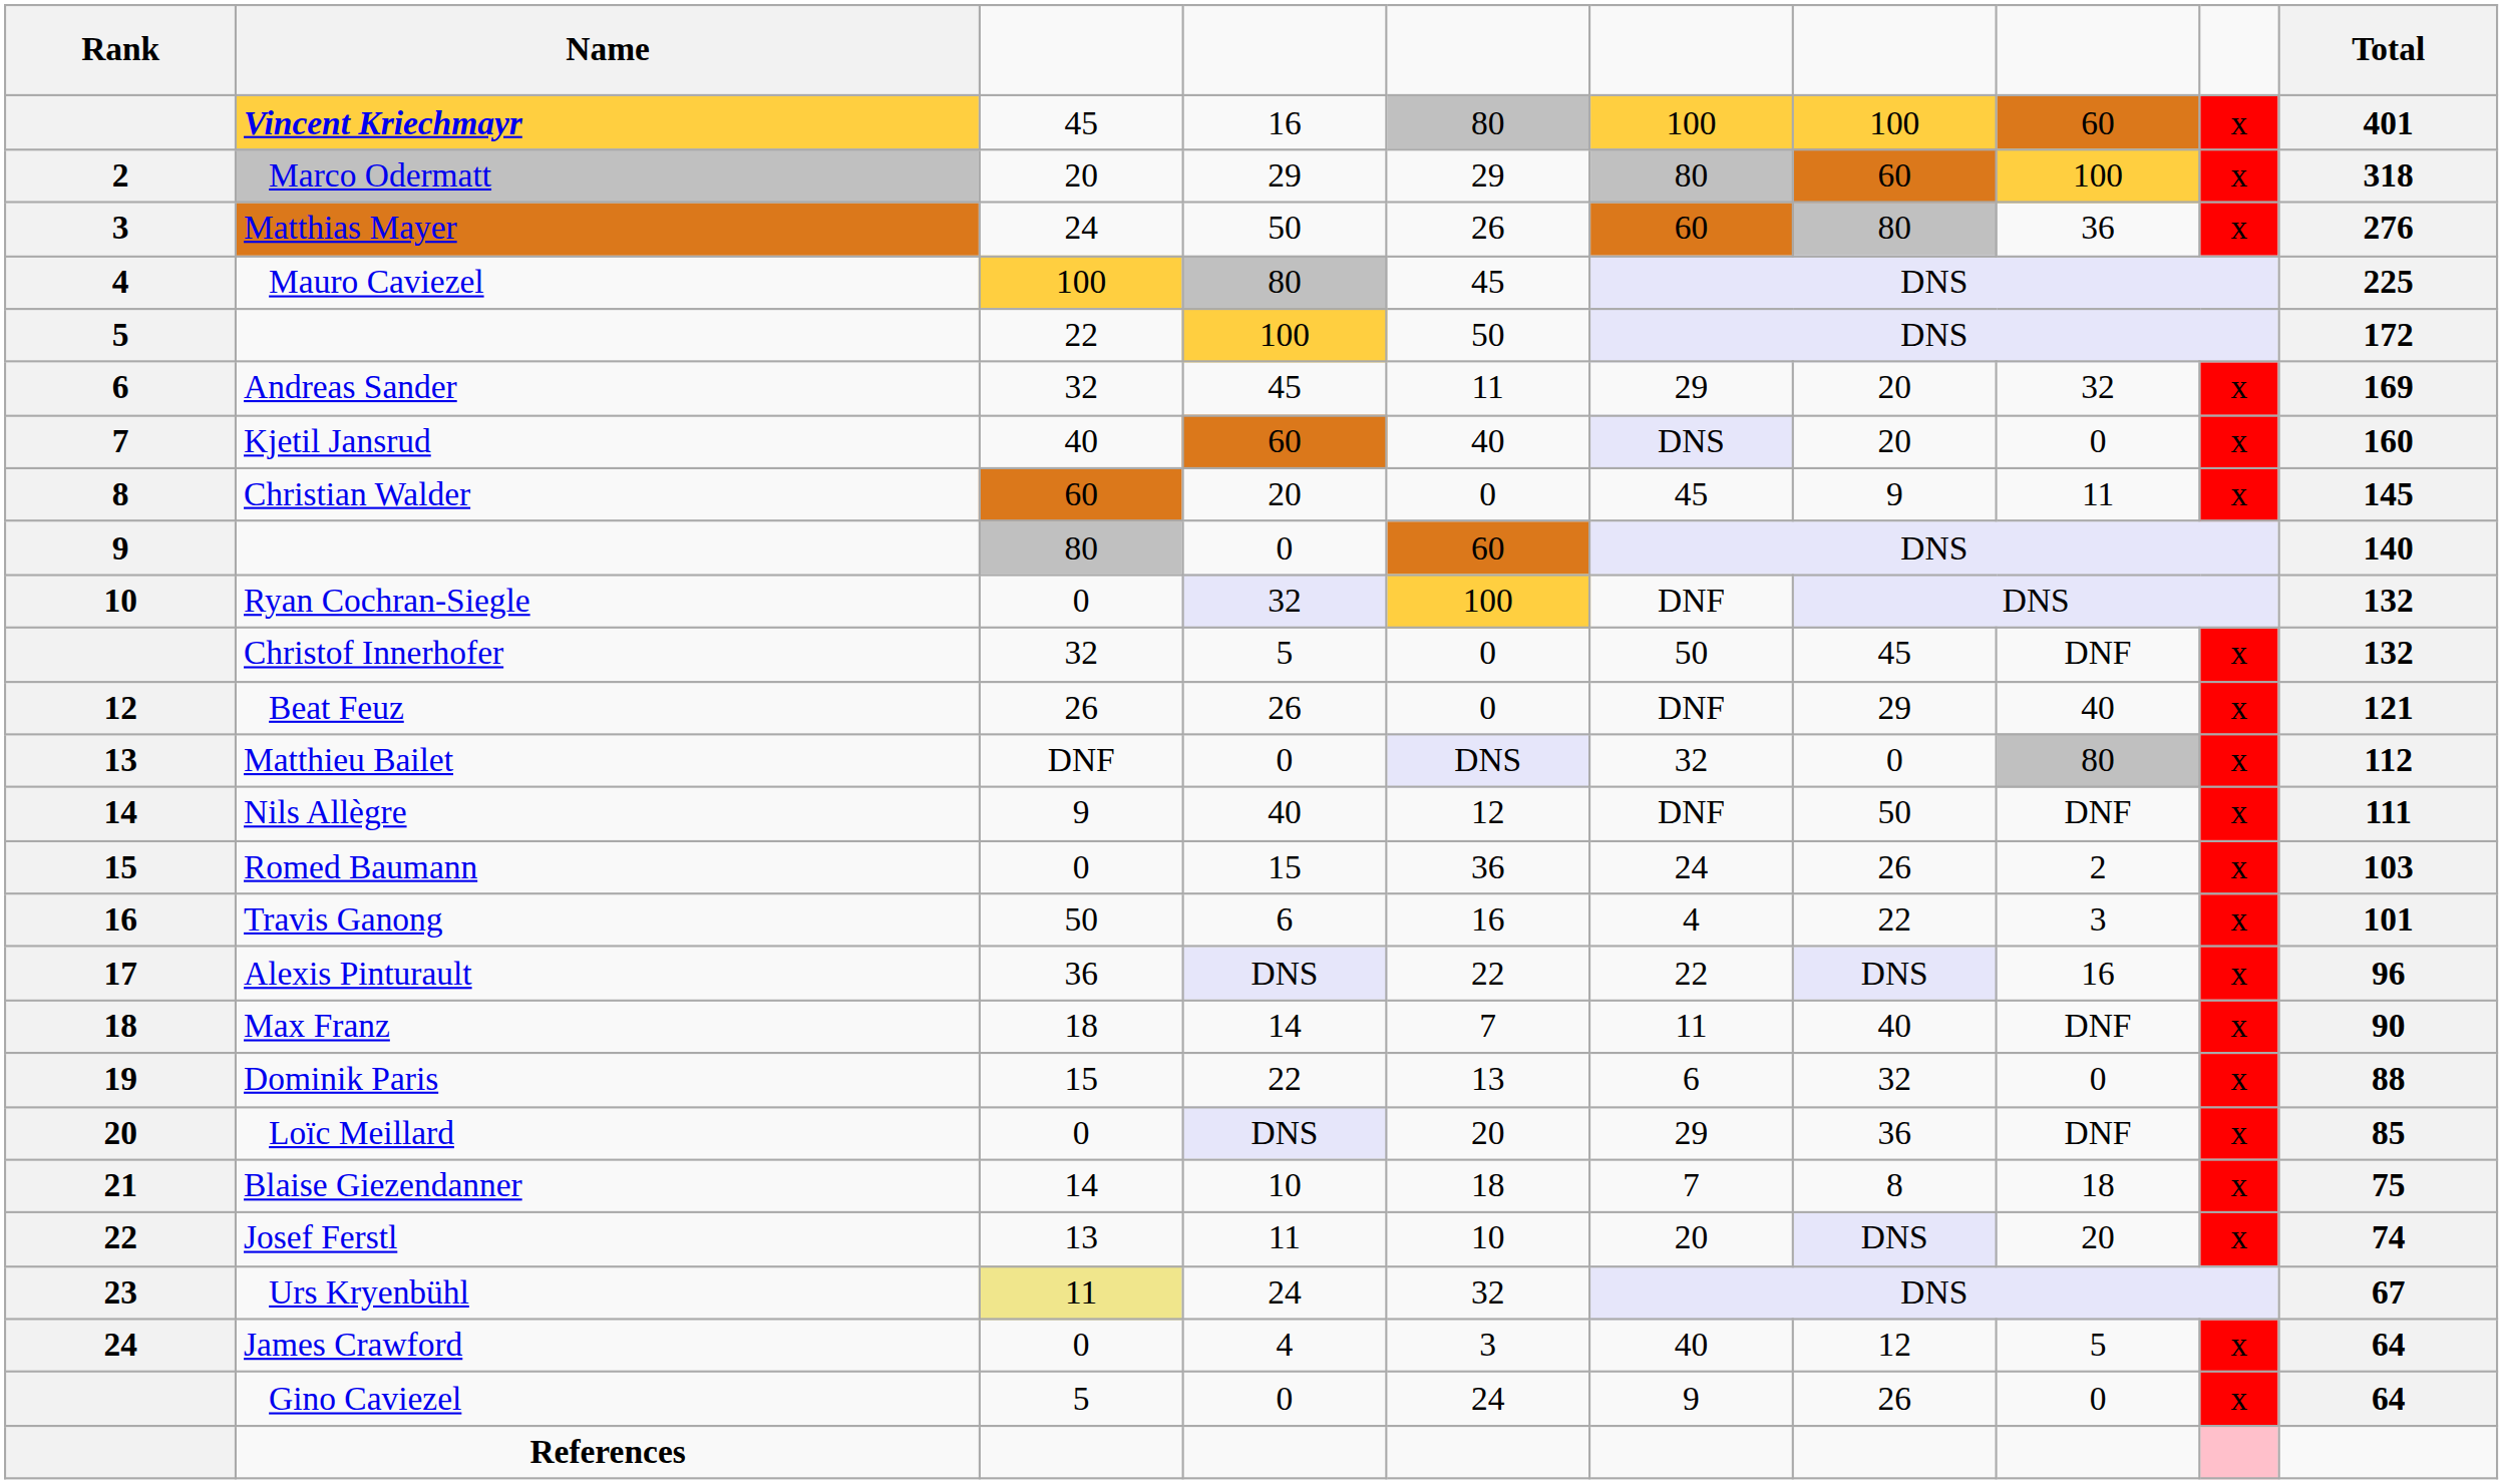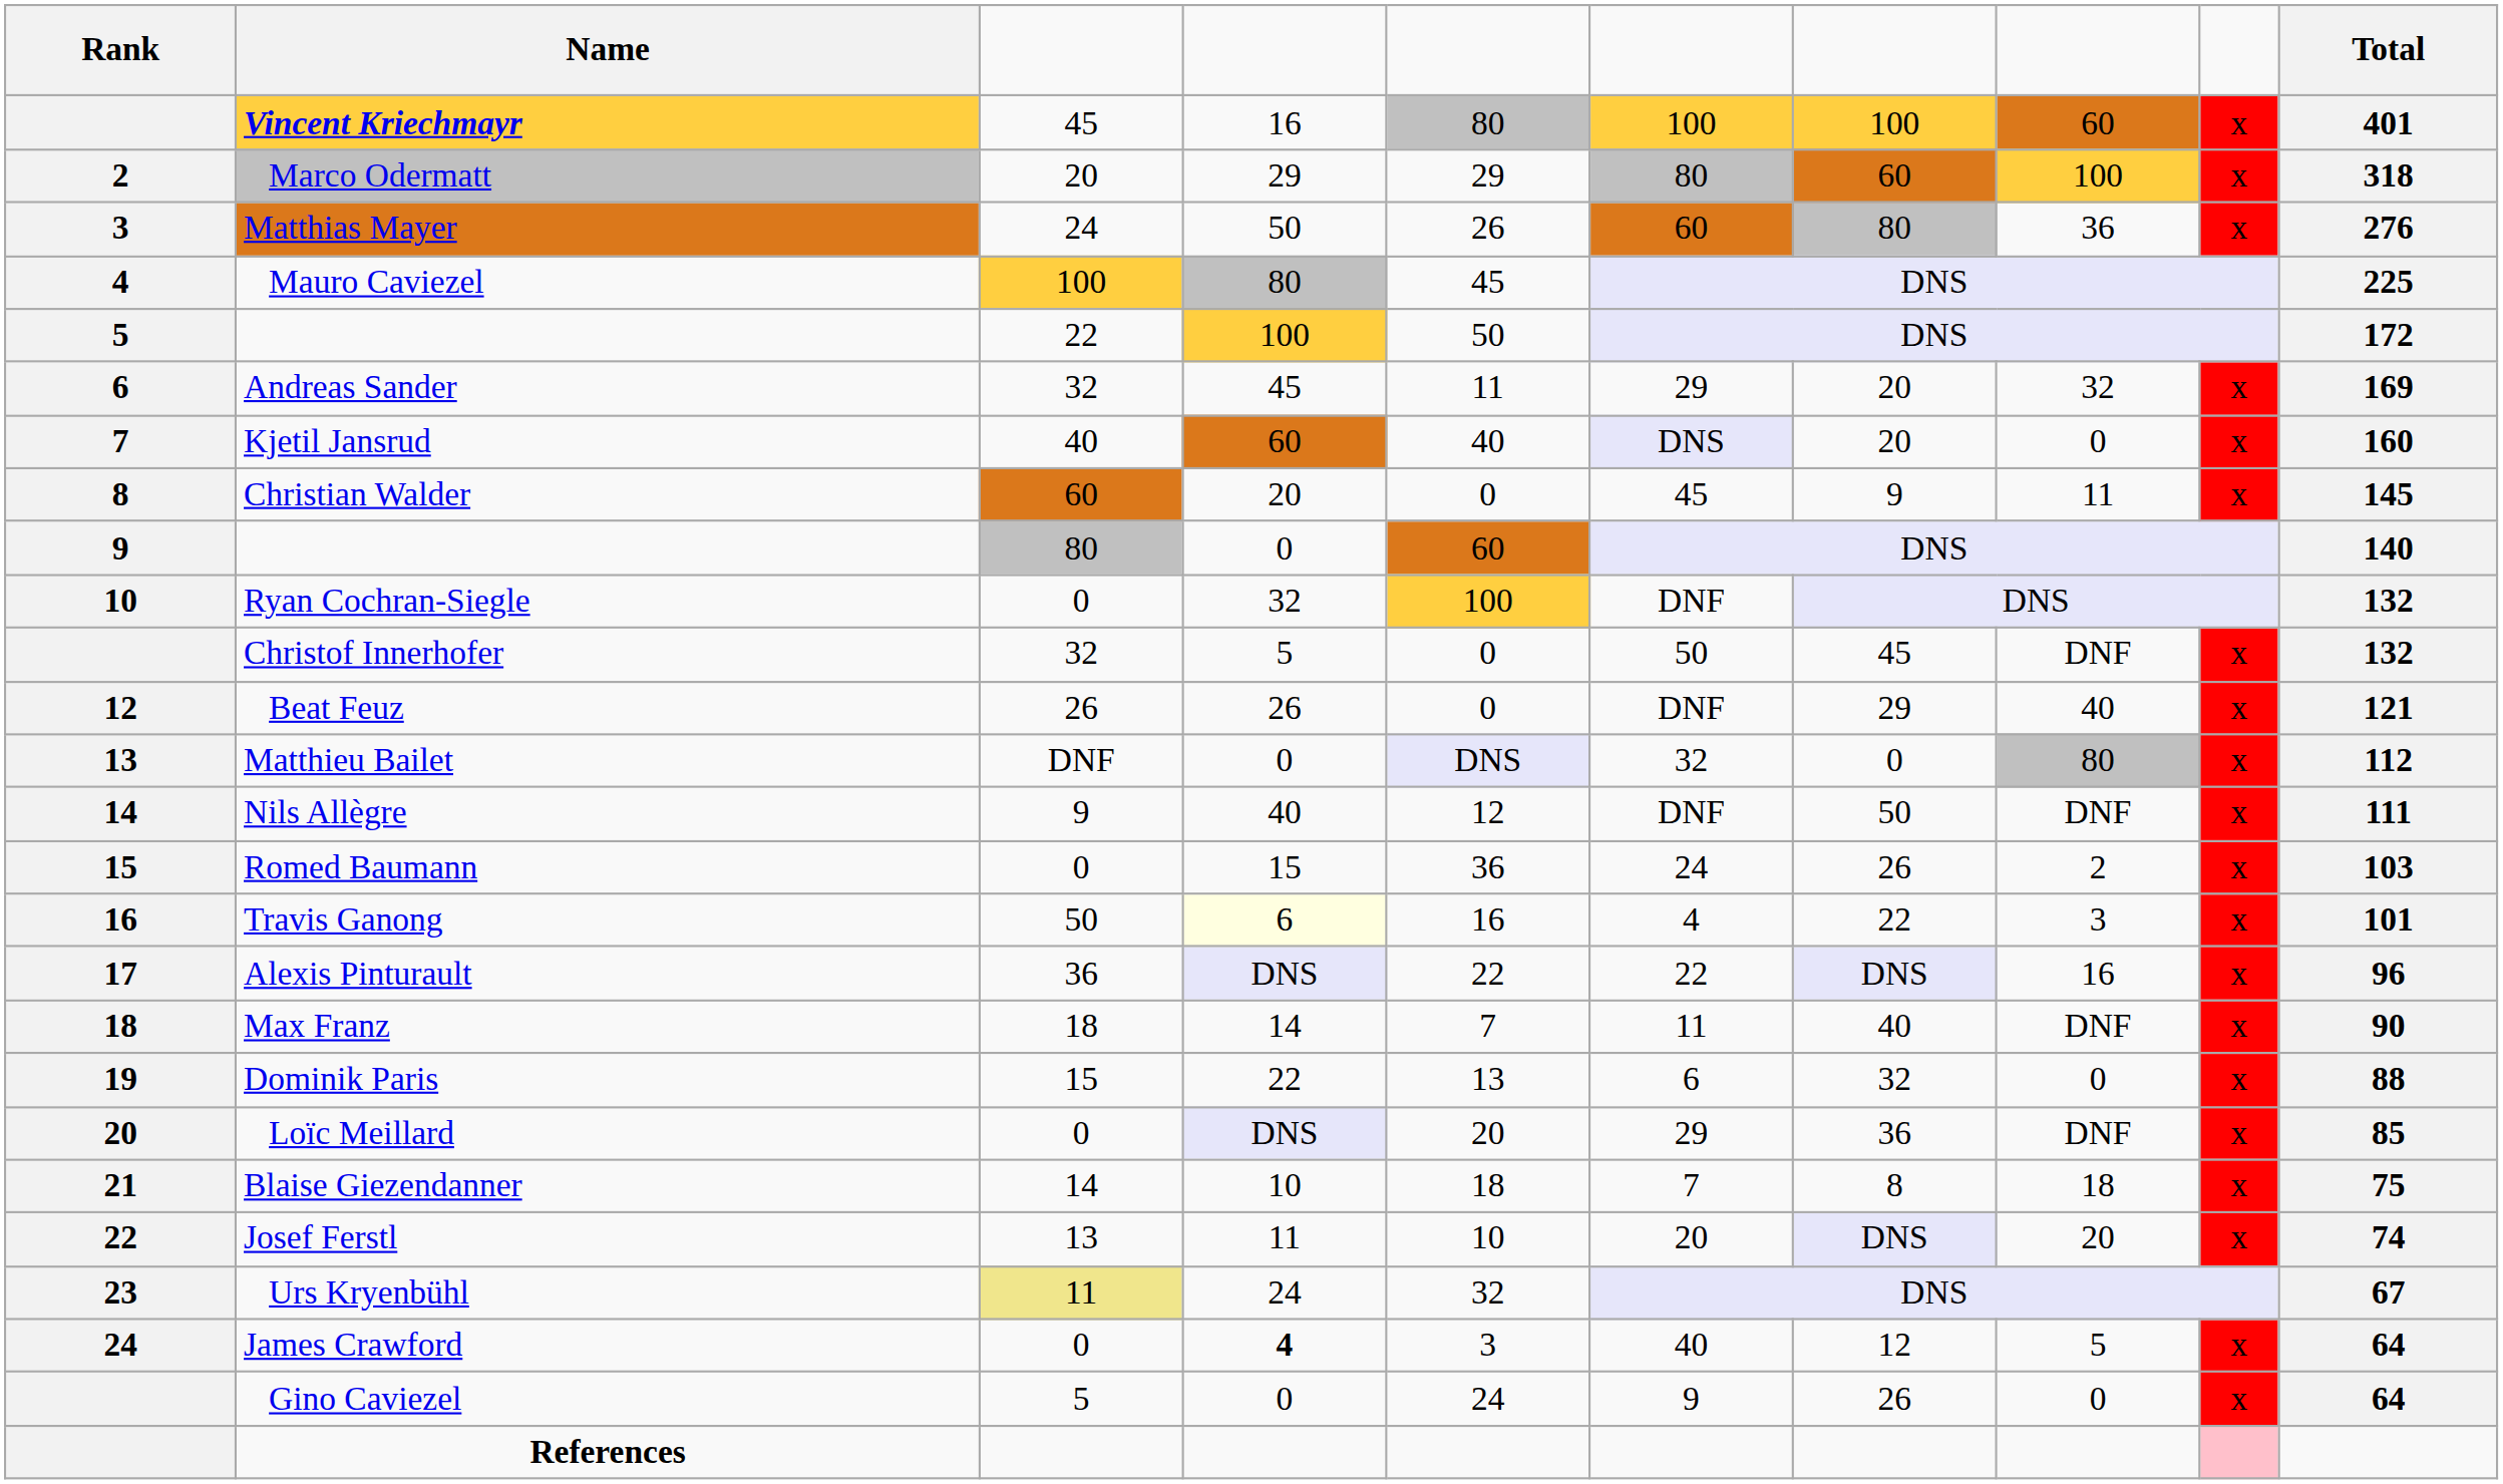 <table class="wikitable" width=60% style="font-size:100%; text-align:center;">
 <tr>
 <th>Rank</th>
 <th>Name</th>
 <td><br> </td>
 <td><br> </td>
 <td><br> </td>
 <td><br> </td>
 <td><br> </td>
 <td><br> </td>
 <td><br>   </td>
 <th>Total</th>
 </tr>
 <tr>
 <th></th>
 <td align=left bgcolor=ffcf40> <strong><em><a href='#'>Vincent Kriechmayr</a></em></strong></td>
 <td>45</td>
 <td>16</td>
 <td bgcolor=c0c0c0>80</td>
 <td bgcolor=ffcf40>100</td>
 <td bgcolor=ffcf40>100</td>
 <td bgcolor=db781b>60</td>
 <td bgcolor=red>x</td>
 <th>401</th>
 </tr>
 <tr>
 <th>2</th>
 <td align=left bgcolor=c0c0c0>   <a href='#'>Marco Odermatt</a></td>
 <td>20</td>
 <td>29</td>
 <td>29</td>
 <td bgcolor=c0c0c0>80</td>
 <td bgcolor=db781b>60</td>
 <td bgcolor=ffcf40>100</td>
 <td bgcolor=red>x</td>
 <th>318</th>
 </tr>
 <tr>
 <th>3</th>
 <td align=left bgcolor=db781b> <a href='#'>Matthias Mayer</a></td>
 <td>24</td>
 <td>50</td>
 <td>26</td>
 <td bgcolor=db781b>60</td>
 <td bgcolor=c0c0c0>80</td>
 <td>36</td>
 <td bgcolor=red>x</td>
 <th>276</th>
 </tr>
 <tr>
 <th>4</th>
 <td align=left>    <a href='#'>Mauro Caviezel</a></td>
 <td bgcolor=ffcf40>100</td>
 <td bgcolor=c0c0c0>80</td>
 <td>45</td>
 <td bgcolor=lavender colspan=4>DNS</td>
 <th>225</th>
 </tr>
 <tr>
 <th>5</th>
 <td align=left></td>
 <td>22</td>
 <td bgcolor=ffcf40>100</td>
 <td>50</td>
 <td bgcolor=lavender colspan=4>DNS</td>
 <th>172</th>
 </tr>
 <tr>
 <th>6</th>
 <td align=left> <a href='#'>Andreas Sander</a></td>
 <td>32</td>
 <td>45</td>
 <td>11</td>
 <td>29</td>
 <td>20</td>
 <td>32</td>
 <td bgcolor=red>x</td>
 <th>169</th>
 </tr>
 <tr>
 <th>7</th>
 <td align=left> <a href='#'>Kjetil Jansrud</a></td>
 <td>40</td>
 <td bgcolor=db781b>60</td>
 <td>40</td>
 <td bgcolor=lavender>DNS</td>
 <td>20</td>
 <td>0</td>
 <td bgcolor=red>x</td>
 <th>160</th>
 </tr>
 <tr>
 <th>8</th>
 <td align=left> <a href='#'>Christian Walder</a></td>
 <td bgcolor=db781b>60</td>
 <td>20</td>
 <td>0</td>
 <td>45</td>
 <td>9</td>
 <td>11</td>
 <td bgcolor=red>x</td>
 <th>145</th>
 </tr>
 <tr>
 <th>9</th>
 <td align=left></td>
 <td bgcolor=c0c0c0>80</td>
 <td>0</td>
 <td bgcolor=db781b>60</td>
 <td bgcolor=lavender colspan=4>DNS</td>
 <th>140</th>
 </tr>
 <tr>
 <th>10</th>
 <td align=left> <a href='#'>Ryan Cochran-Siegle</a></td>
 <td>0</td>
-<td style="background: lavender;">32</td>
+<td>32</td>
 <td bgcolor=ffcf40>100</td>
 <td>DNF</td>
 <td bgcolor=lavender colspan=3>DNS</td>
 <th>132</th>
 </tr>
 <tr>
 <th></th>
 <td align=left> <a href='#'>Christof Innerhofer</a></td>
 <td>32</td>
 <td>5</td>
 <td>0</td>
 <td>50</td>
 <td>45</td>
 <td>DNF</td>
 <td bgcolor=red>x</td>
 <th>132</th>
 </tr>
 <tr>
 <th>12</th>
 <td align=left>   <a href='#'>Beat Feuz</a></td>
 <td>26</td>
 <td>26</td>
 <td>0</td>
 <td>DNF</td>
 <td>29</td>
 <td>40</td>
 <td bgcolor=red>x</td>
 <th>121</th>
 </tr>
 <tr>
 <th>13</th>
 <td align=left> <a href='#'>Matthieu Bailet</a></td>
 <td>DNF</td>
 <td>0</td>
 <td bgcolor=lavender>DNS</td>
 <td>32</td>
 <td>0</td>
 <td bgcolor=c0c0c0>80</td>
 <td bgcolor=red>x</td>
 <th>112</th>
 </tr>
 <tr>
 <th>14</th>
 <td align=left> <a href='#'>Nils Allègre</a></td>
 <td>9</td>
 <td>40</td>
 <td>12</td>
 <td>DNF</td>
 <td>50</td>
 <td>DNF</td>
 <td bgcolor=red>x</td>
 <th>111</th>
 </tr>
 <tr>
 <th>15</th>
 <td align=left> <a href='#'>Romed Baumann</a></td>
 <td>0</td>
 <td>15</td>
 <td>36</td>
 <td>24</td>
 <td>26</td>
 <td>2</td>
 <td bgcolor=red>x</td>
 <th>103</th>
 </tr>
 <tr>
 <th>16</th>
 <td align=left> <a href='#'>Travis Ganong</a></td>
 <td>50</td>
-<td>6</td>
+<td style="background: lightyellow;">6</td>
 <td>16</td>
 <td>4</td>
 <td>22</td>
 <td>3</td>
 <td bgcolor=red>x</td>
 <th>101</th>
 </tr>
 <tr>
 <th>17</th>
 <td align=left> <a href='#'>Alexis Pinturault</a></td>
 <td>36</td>
 <td bgcolor=lavender>DNS</td>
 <td>22</td>
 <td>22</td>
 <td bgcolor=lavender>DNS</td>
 <td>16</td>
 <td bgcolor=red>x</td>
 <th>96</th>
 </tr>
 <tr>
 <th>18</th>
 <td align=left> <a href='#'>Max Franz</a></td>
 <td>18</td>
 <td>14</td>
 <td>7</td>
 <td>11</td>
 <td>40</td>
 <td>DNF</td>
 <td bgcolor=red>x</td>
 <th>90</th>
 </tr>
 <tr>
 <th>19</th>
 <td align=left> <a href='#'>Dominik Paris</a></td>
 <td>15</td>
 <td>22</td>
 <td>13</td>
 <td>6</td>
 <td>32</td>
 <td>0</td>
 <td bgcolor=red>x</td>
 <th>88</th>
 </tr>
 <tr>
 <th>20</th>
 <td align=left>    <a href='#'>Loïc Meillard</a></td>
 <td>0</td>
 <td bgcolor=lavender>DNS</td>
 <td>20</td>
 <td>29</td>
 <td>36</td>
 <td>DNF</td>
 <td bgcolor=red>x</td>
 <th>85</th>
 </tr>
 <tr>
 <th>21</th>
 <td align=left> <a href='#'>Blaise Giezendanner</a></td>
 <td>14</td>
 <td>10</td>
 <td>18</td>
 <td>7</td>
 <td>8</td>
 <td>18</td>
 <td bgcolor=red>x</td>
 <th>75</th>
 </tr>
 <tr>
 <th>22</th>
 <td align=left> <a href='#'>Josef Ferstl</a></td>
 <td>13</td>
 <td>11</td>
 <td>10</td>
 <td>20</td>
 <td bgcolor=lavender>DNS</td>
 <td>20</td>
 <td bgcolor=red>x</td>
 <th>74</th>
 </tr>
 <tr>
 <th>23</th>
 <td align=left>   <a href='#'>Urs Kryenbühl</a></td>
 <td style="background: khaki;">11</td>
 <td>24</td>
 <td>32</td>
 <td colspan=4 bgcolor=lavender>DNS</td>
 <th>67</th>
 </tr>
 <tr>
 <th>24</th>
 <td align=left> <a href='#'>James Crawford</a></td>
 <td>0</td>
-<td>4</td>
+<td><strong>4</strong></td>
 <td>3</td>
 <td>40</td>
 <td>12</td>
 <td>5</td>
 <td bgcolor=red>x</td>
 <th>64</th>
 </tr>
 <tr>
 <th></th>
 <td align=left>   <a href='#'>Gino Caviezel</a></td>
 <td>5</td>
 <td>0</td>
 <td>24</td>
 <td>9</td>
 <td>26</td>
 <td>0</td>
 <td bgcolor=red>x</td>
 <th>64</th>
 </tr>
 <tr>
 <th></th>
 <td align=center><strong>References</strong></td>
 <td></td>
 <td></td>
 <td></td>
 <td></td>
 <td></td>
 <td></td>
 <td bgcolor=pink></td>
 </tr>
 </table>
